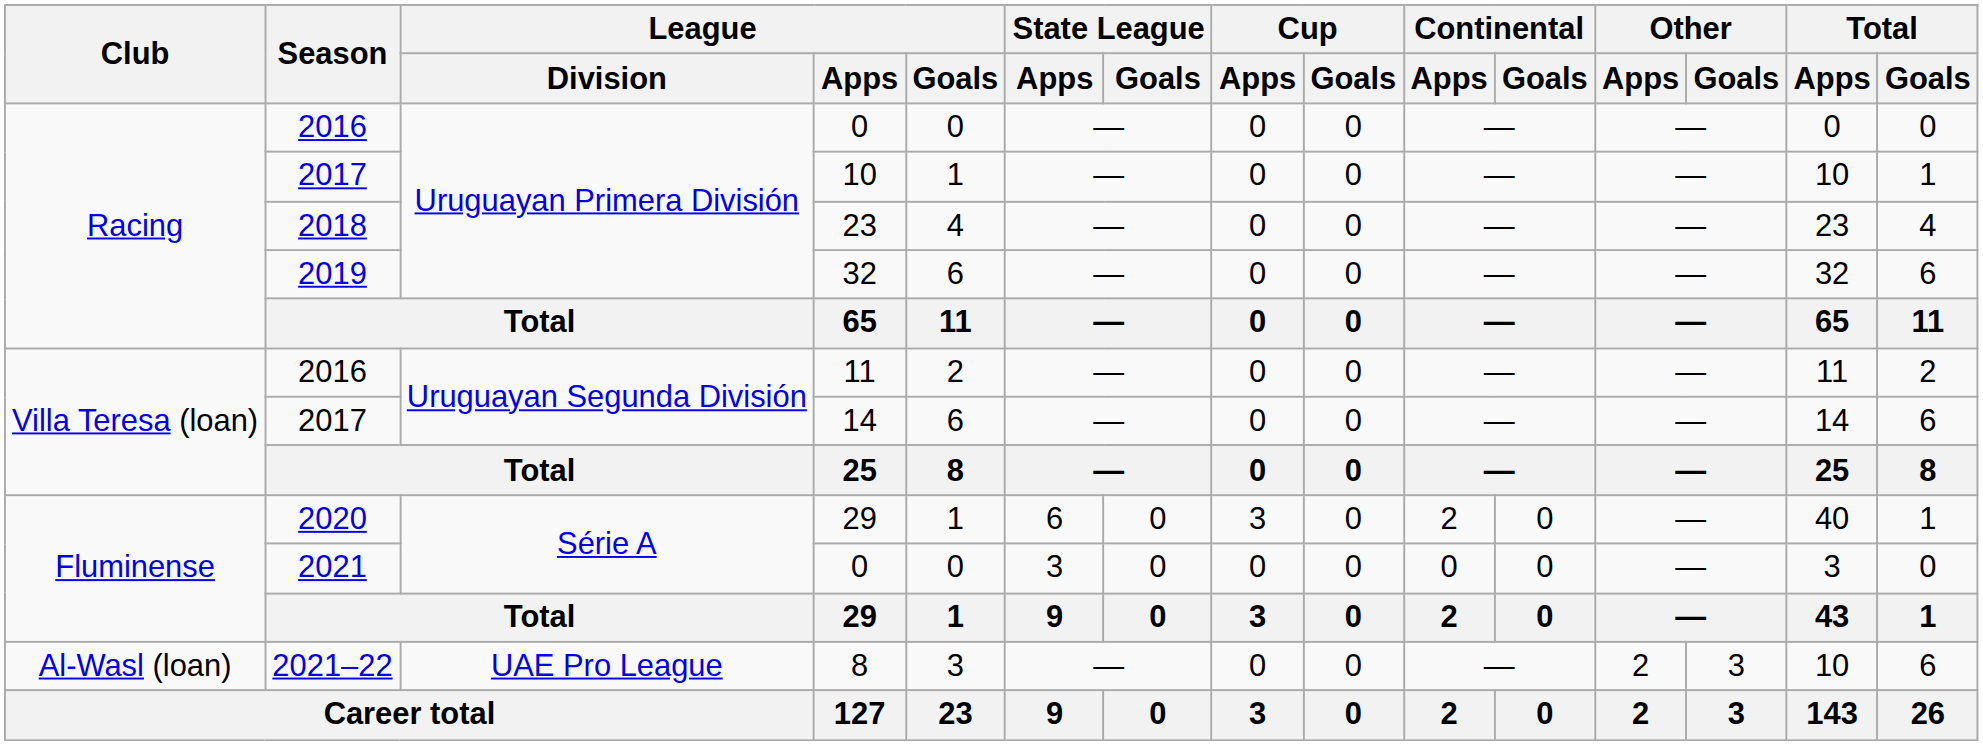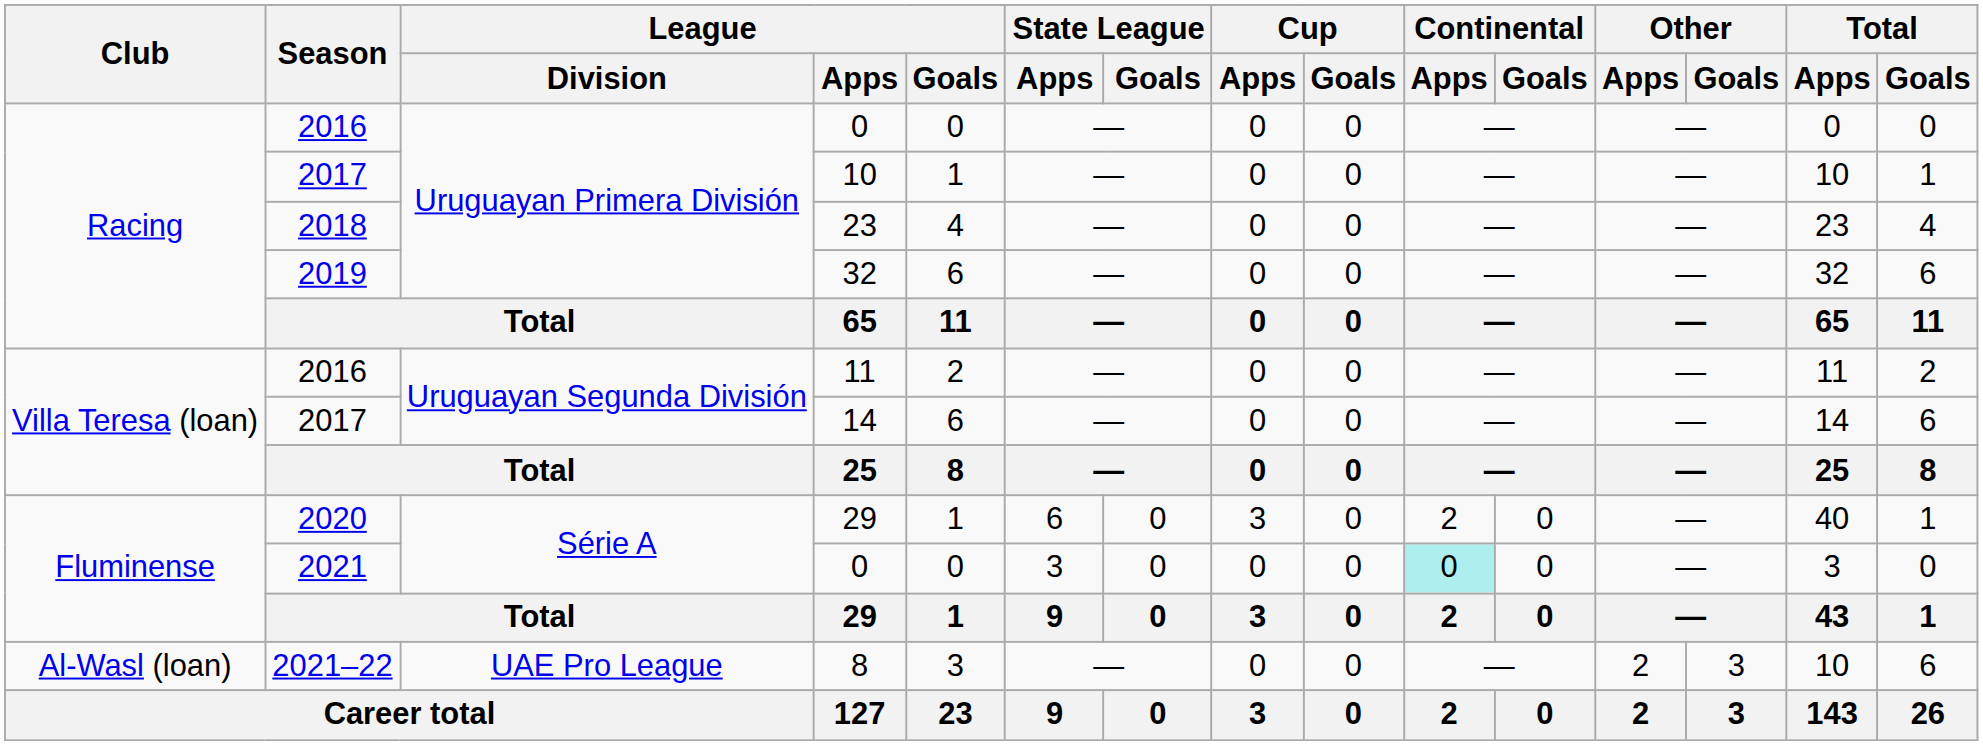 <table class="wikitable" style="text-align: center">
 <tr>
 <th rowspan="2">Club</th>
 <th rowspan="2">Season</th>
 <th colspan="3">League</th>
 <th colspan="2">State League</th>
 <th colspan="2">Cup</th>
 <th colspan="2">Continental</th>
 <th colspan="2">Other</th>
 <th colspan="2">Total</th>
 </tr>
 <tr>
 <th>Division</th>
 <th>Apps</th>
 <th>Goals</th>
 <th>Apps</th>
 <th>Goals</th>
 <th>Apps</th>
 <th>Goals</th>
 <th>Apps</th>
 <th>Goals</th>
 <th>Apps</th>
 <th>Goals</th>
 <th>Apps</th>
 <th>Goals</th>
 </tr>
 <tr>
 <td rowspan="5"><a href='#'>Racing</a></td>
 <td><a href='#'>2016</a></td>
 <td rowspan="4"><a href='#'>Uruguayan Primera División</a></td>
 <td>0</td>
 <td>0</td>
 <td colspan="2">—</td>
 <td>0</td>
 <td>0</td>
 <td colspan="2">—</td>
 <td colspan="2">—</td>
 <td>0</td>
 <td>0</td>
 </tr>
 <tr>
 <td><a href='#'>2017</a></td>
 <td>10</td>
 <td>1</td>
 <td colspan="2">—</td>
 <td>0</td>
 <td>0</td>
 <td colspan="2">—</td>
 <td colspan="2">—</td>
 <td>10</td>
 <td>1</td>
 </tr>
 <tr>
 <td><a href='#'>2018</a></td>
 <td>23</td>
 <td>4</td>
 <td colspan="2">—</td>
 <td>0</td>
 <td>0</td>
 <td colspan="2">—</td>
 <td colspan="2">—</td>
 <td>23</td>
 <td>4</td>
 </tr>
 <tr>
 <td><a href='#'>2019</a></td>
 <td>32</td>
 <td>6</td>
 <td colspan="2">—</td>
 <td>0</td>
 <td>0</td>
 <td colspan="2">—</td>
 <td colspan="2">—</td>
 <td>32</td>
 <td>6</td>
 </tr>
 <tr>
 <th colspan="2"><strong>Total</strong></th>
 <th>65</th>
 <th>11</th>
 <th colspan="2">—</th>
 <th>0</th>
 <th>0</th>
 <th colspan="2">—</th>
 <th colspan="2">—</th>
 <th>65</th>
 <th>11</th>
 </tr>
 <tr>
 <td rowspan="3"><a href='#'>Villa Teresa</a> (loan)</td>
 <td>2016</td>
 <td rowspan="2"><a href='#'>Uruguayan Segunda División</a></td>
 <td>11</td>
 <td>2</td>
 <td colspan="2">—</td>
 <td>0</td>
 <td>0</td>
 <td colspan="2">—</td>
 <td colspan="2">—</td>
 <td>11</td>
 <td>2</td>
 </tr>
 <tr>
 <td>2017</td>
 <td>14</td>
 <td>6</td>
 <td colspan="2">—</td>
 <td>0</td>
 <td>0</td>
 <td colspan="2">—</td>
 <td colspan="2">—</td>
 <td>14</td>
 <td>6</td>
 </tr>
 <tr>
 <th colspan="2"><strong>Total</strong></th>
 <th>25</th>
 <th>8</th>
 <th colspan="2">—</th>
 <th>0</th>
 <th>0</th>
 <th colspan="2">—</th>
 <th colspan="2">—</th>
 <th>25</th>
 <th>8</th>
 </tr>
 <tr>
 <td rowspan="3"><a href='#'>Fluminense</a></td>
 <td><a href='#'>2020</a></td>
 <td rowspan="2"><a href='#'>Série A</a></td>
 <td>29</td>
 <td>1</td>
 <td>6</td>
 <td>0</td>
 <td>3</td>
 <td>0</td>
 <td>2</td>
 <td>0</td>
 <td colspan="2">—</td>
 <td>40</td>
 <td>1</td>
 </tr>
 <tr>
 <td><a href='#'>2021</a></td>
 <td>0</td>
 <td>0</td>
 <td>3</td>
 <td>0</td>
 <td>0</td>
 <td>0</td>
-<td>0</td>
+<td style="background: paleturquoise;">0</td>
 <td>0</td>
 <td colspan="2">—</td>
 <td>3</td>
 <td>0</td>
 </tr>
 <tr>
 <th colspan="2"><strong>Total</strong></th>
 <th>29</th>
 <th>1</th>
 <th>9</th>
 <th>0</th>
 <th>3</th>
 <th>0</th>
 <th>2</th>
 <th>0</th>
 <th colspan="2">—</th>
 <th>43</th>
 <th>1</th>
 </tr>
 <tr>
 <td><a href='#'>Al-Wasl</a> (loan)</td>
 <td><a href='#'>2021–22</a></td>
 <td><a href='#'>UAE Pro League</a></td>
 <td>8</td>
 <td>3</td>
 <td colspan="2">—</td>
 <td>0</td>
 <td>0</td>
 <td colspan="2">—</td>
 <td>2</td>
 <td>3</td>
 <td>10</td>
 <td>6</td>
 </tr>
 <tr>
 <th colspan="3"><strong>Career total</strong></th>
 <th>127</th>
 <th>23</th>
 <th>9</th>
 <th>0</th>
 <th>3</th>
 <th>0</th>
 <th>2</th>
 <th>0</th>
 <th>2</th>
 <th>3</th>
 <th>143</th>
 <th>26</th>
 </tr>
 </table>
